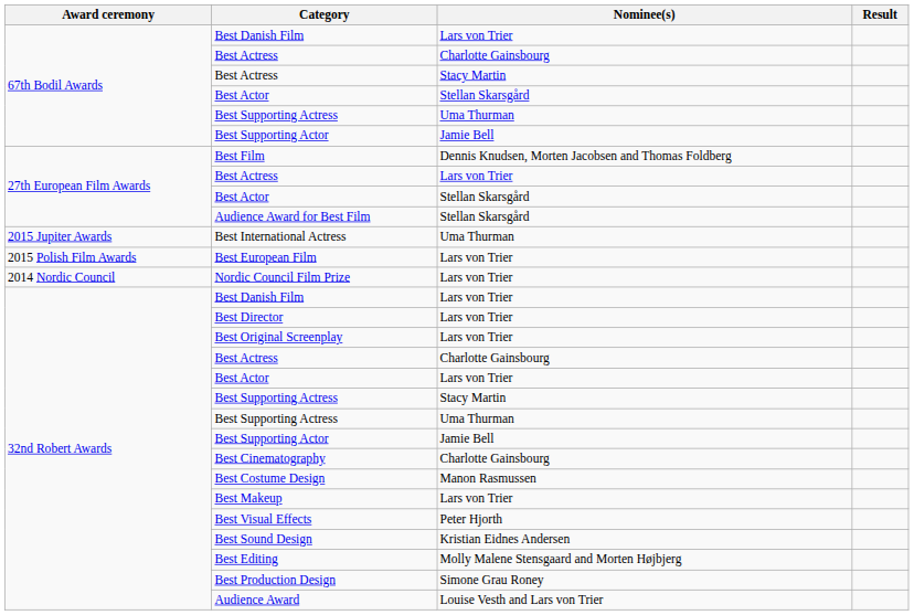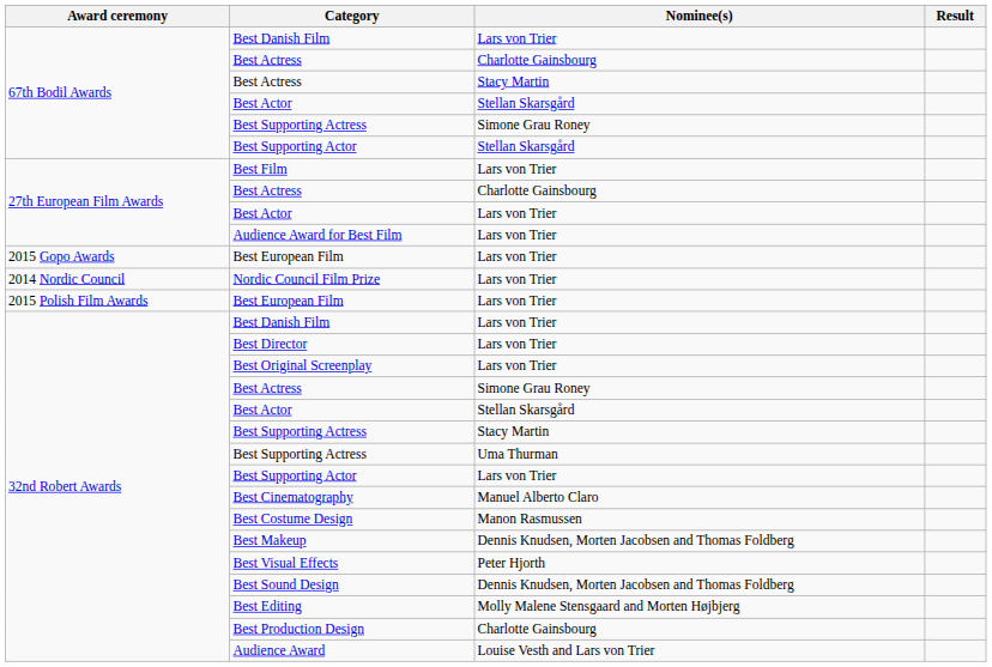 <table class="wikitable sortable" style="width:90%;">
 <tr style="background:#CCCCCC; teindxt-align:center;">
 <th scope="col">Award ceremony</th>
 <th scope="col">Category</th>
 <th scope="col">Nominee(s)</th>
 <th scope="col">Result</th>
 </tr>
 <tr>
 <td rowspan="6"><a href='#'>67th Bodil Awards</a></td>
 <td><a href='#'>Best Danish Film</a></td>
 <td><a href='#'>Lars von Trier</a></td>
 <td></td>
 </tr>
 <tr>
 <td><a href='#'>Best Actress</a></td>
 <td><a href='#'>Charlotte Gainsbourg</a></td>
 <td></td>
 </tr>
 <tr>
 <td>Best Actress</td>
 <td><a href='#'>Stacy Martin</a></td>
 <td></td>
 </tr>
 <tr>
 <td><a href='#'>Best Actor</a></td>
 <td><a href='#'>Stellan Skarsgård</a></td>
 <td></td>
 </tr>
 <tr>
 <td><a href='#'>Best Supporting Actress</a></td>
-<td><a href='#'>Uma Thurman</a></td>
+<td>Simone Grau Roney</td>
 <td></td>
 </tr>
 <tr>
 <td><a href='#'>Best Supporting Actor</a></td>
-<td><a href='#'>Jamie Bell</a></td>
+<td><a href='#'>Stellan Skarsgård</a></td>
 <td></td>
 </tr>
 <tr>
 <td rowspan="4"><a href='#'>27th European Film Awards</a></td>
 <td><a href='#'>Best Film</a></td>
-<td>Dennis Knudsen, Morten Jacobsen and Thomas Foldberg</td>
+<td>Lars von Trier</td>
 <td></td>
 </tr>
 <tr>
 <td><a href='#'>Best Actress</a></td>
-<td><a href='#'>Lars von Trier</a></td>
+<td>Charlotte Gainsbourg</td>
 <td></td>
 </tr>
 <tr>
 <td><a href='#'>Best Actor</a></td>
-<td>Stellan Skarsgård</td>
+<td>Lars von Trier</td>
 <td></td>
 </tr>
 <tr>
 <td><a href='#'>Audience Award for Best Film</a></td>
-<td>Stellan Skarsgård</td>
+<td>Lars von Trier</td>
 <td></td>
 </tr>
 <tr>
-<td><a href='#'>2015 Jupiter Awards</a></td>
-<td>Best International Actress</td>
-<td>Uma Thurman</td>
-<td></td>
-</tr>
-<tr>
-<td>2015 <a href='#'>Polish Film Awards</a></td>
-<td><a href='#'>Best European Film</a></td>
+<td>2015 <a href='#'>Gopo Awards</a></td>
+<td>Best European Film</td>
 <td>Lars von Trier</td>
 <td></td>
 </tr>
 <tr>
 <td>2014 <a href='#'>Nordic Council</a></td>
 <td><a href='#'>Nordic Council Film Prize</a></td>
+<td>Lars von Trier</td>
+<td></td>
+</tr>
+<tr>
+<td>2015 <a href='#'>Polish Film Awards</a></td>
+<td><a href='#'>Best European Film</a></td>
 <td>Lars von Trier</td>
 <td></td>
 </tr>
 <tr>
 <td rowspan="16"><a href='#'>32nd Robert Awards</a></td>
 <td><a href='#'>Best Danish Film</a></td>
 <td>Lars von Trier</td>
 <td></td>
 </tr>
 <tr>
 <td><a href='#'>Best Director</a></td>
 <td>Lars von Trier</td>
 <td></td>
 </tr>
 <tr>
 <td><a href='#'>Best Original Screenplay</a></td>
 <td>Lars von Trier</td>
 <td></td>
 </tr>
 <tr>
 <td><a href='#'>Best Actress</a></td>
-<td>Charlotte Gainsbourg</td>
+<td>Simone Grau Roney</td>
 <td></td>
 </tr>
 <tr>
 <td><a href='#'>Best Actor</a></td>
-<td>Lars von Trier</td>
+<td>Stellan Skarsgård</td>
 <td></td>
 </tr>
 <tr>
 <td><a href='#'>Best Supporting Actress</a></td>
 <td>Stacy Martin</td>
 <td></td>
 </tr>
 <tr>
 <td>Best Supporting Actress</td>
 <td>Uma Thurman</td>
 <td></td>
 </tr>
 <tr>
 <td><a href='#'>Best Supporting Actor</a></td>
-<td>Jamie Bell</td>
+<td>Lars von Trier</td>
 <td></td>
 </tr>
 <tr>
 <td><a href='#'>Best Cinematography</a></td>
-<td>Charlotte Gainsbourg</td>
+<td>Manuel Alberto Claro</td>
 <td></td>
 </tr>
 <tr>
 <td><a href='#'>Best Costume Design</a></td>
 <td>Manon Rasmussen</td>
 <td></td>
 </tr>
 <tr>
 <td><a href='#'>Best Makeup</a></td>
-<td>Lars von Trier</td>
+<td>Dennis Knudsen, Morten Jacobsen and Thomas Foldberg</td>
 <td></td>
 </tr>
 <tr>
 <td><a href='#'>Best Visual Effects</a></td>
 <td>Peter Hjorth</td>
 <td></td>
 </tr>
 <tr>
 <td><a href='#'>Best Sound Design</a></td>
-<td>Kristian Eidnes Andersen</td>
+<td>Dennis Knudsen, Morten Jacobsen and Thomas Foldberg</td>
 <td></td>
 </tr>
 <tr>
 <td><a href='#'>Best Editing</a></td>
 <td>Molly Malene Stensgaard and Morten Højbjerg</td>
 <td></td>
 </tr>
 <tr>
 <td><a href='#'>Best Production Design</a></td>
-<td>Simone Grau Roney</td>
+<td>Charlotte Gainsbourg</td>
 <td></td>
 </tr>
 <tr>
 <td><a href='#'>Audience Award</a></td>
 <td>Louise Vesth and Lars von Trier</td>
 <td></td>
 </tr>
 </table>
